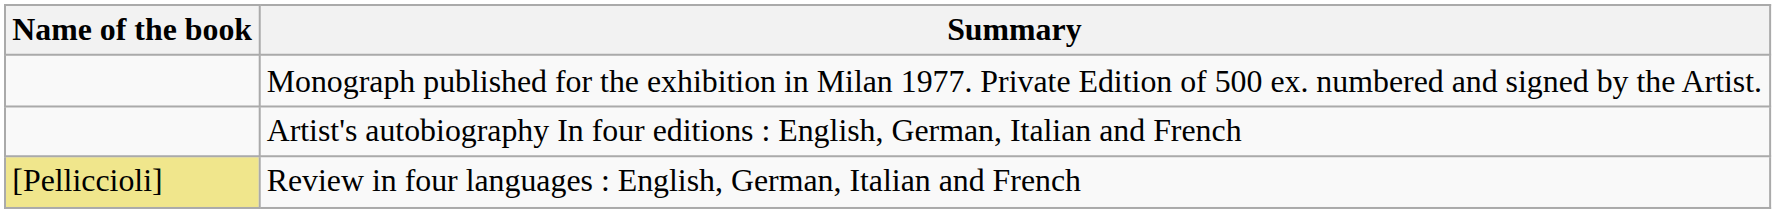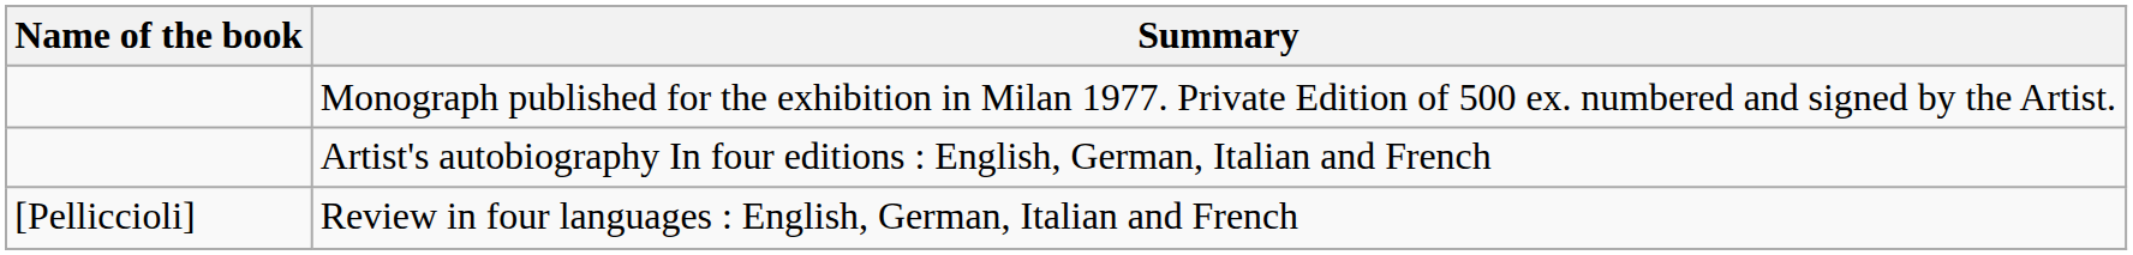 <table class="wikitable">
 <tr>
 <th>Name of the book</th>
 <th>Summary</th>
 </tr>
 <tr>
 <td></td>
 <td>Monograph published for the exhibition in Milan 1977. Private Edition of 500 ex. numbered and signed by the Artist.</td>
 </tr>
 <tr>
 <td></td>
 <td>Artist's autobiography In four editions : English, German, Italian and French</td>
 </tr>
 <tr>
-<td style="background: khaki;">[Pelliccioli]</td>
+<td>[Pelliccioli]</td>
 <td>Review in four languages : English, German, Italian and French</td>
 </tr>
 </table>
